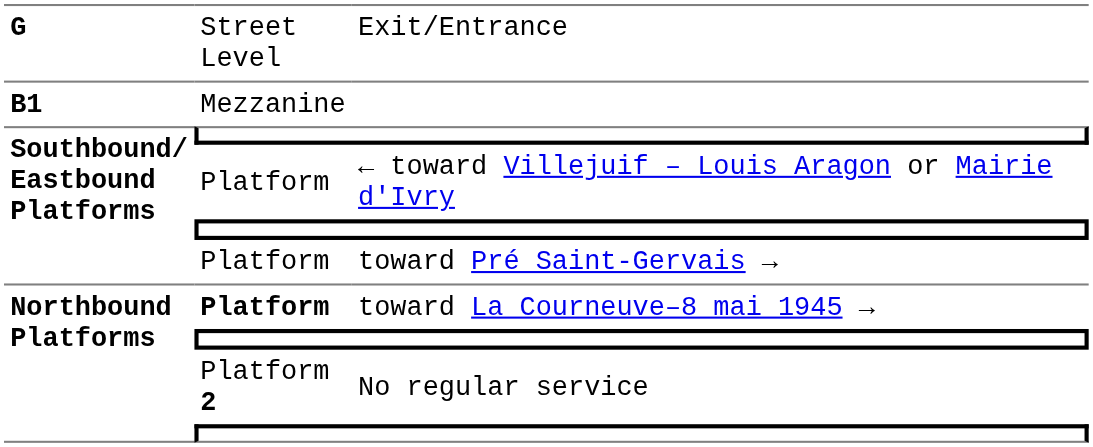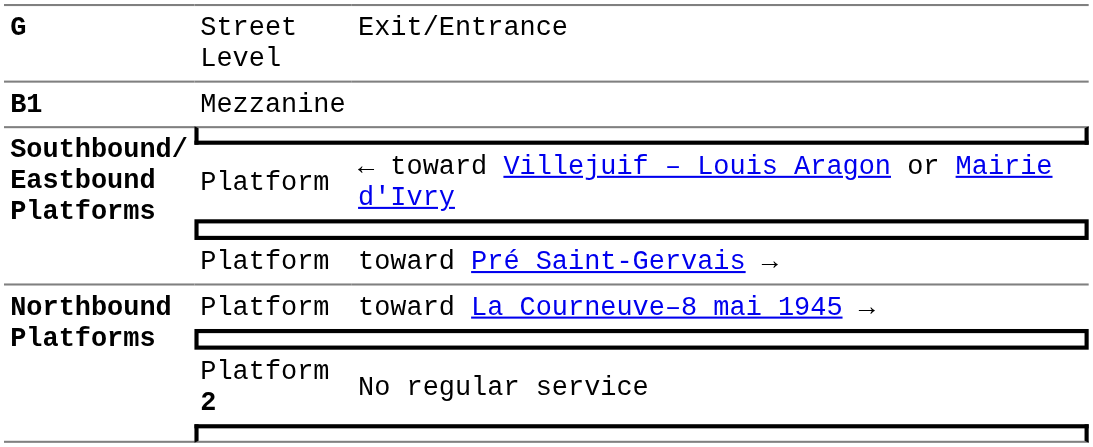 <table cellspacing="0" cellpadding="3" border="0">
 <tr>
 <td style="border-top:solid 1px gray;" width="50" valign="top"><strong>G</strong></td>
 <td style="border-top:solid 1px gray;" width="50" valign="top">Street Level</td>
 <td style="border-top:solid 1px gray;" width="350" valign="top">Exit/Entrance</td>
 </tr>
 <tr>
 <td style="border-top:solid 1px gray;" valign="top"><strong>B1</strong></td>
 <td style="border-top:solid 1px gray;" valign="top">Mezzanine</td>
 <td style="border-top:solid 1px gray;" valign="top"></td>
 </tr>
 <tr>
 <td rowspan="4" style="border-top:solid 1px gray;border-bottom:solid 1px gray;" valign="top"><strong>Southbound/<br>Eastbound Platforms</strong></td>
 <td colspan="2" style="border-top:solid 1px gray;border-right:solid 2px black;border-left:solid 2px black;border-bottom:solid 2px black;text-align:center;"></td>
 </tr>
 <tr>
 <td>Platform </td>
 <td>←   toward <a href='#'>Villejuif – Louis Aragon</a> or <a href='#'>Mairie d'Ivry</a> </td>
 </tr>
 <tr>
 <td colspan="2" style="border-top:solid 2px black;border-right:solid 2px black;border-left:solid 2px black;border-bottom:solid 2px black;text-align:center;"></td>
 </tr>
 <tr>
 <td style="border-bottom:solid 1px gray;">Platform </td>
 <td style="border-bottom:solid 1px gray;">   toward <a href='#'>Pré Saint-Gervais</a>  →</td>
 </tr>
 <tr>
 <td rowspan="4" style="border-bottom:solid 1px gray;" valign="top"><strong>Northbound Platforms</strong></td>
-<td><strong>Platform </strong></td>
+<td>Platform </td>
 <td>   toward <a href='#'>La Courneuve–8 mai 1945</a>  →</td>
 </tr>
 <tr>
 <td colspan="2" style="border-top:solid 2px black;border-right:solid 2px black;border-left:solid 2px black;border-bottom:solid 2px black;text-align:center;"></td>
 </tr>
 <tr>
 <td>Platform <strong>2</strong></td>
 <td> No regular service</td>
 </tr>
 <tr>
 <td colspan="2" style="border-top:solid 2px black;border-right:solid 2px black;border-left:solid 2px black;border-bottom:solid 1px gray;text-align:center;"></td>
 </tr>
 </table>
